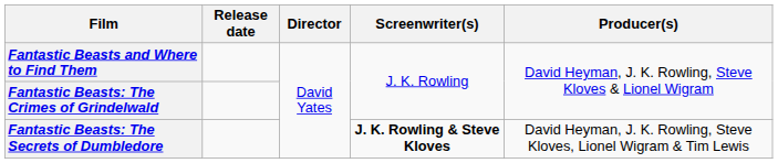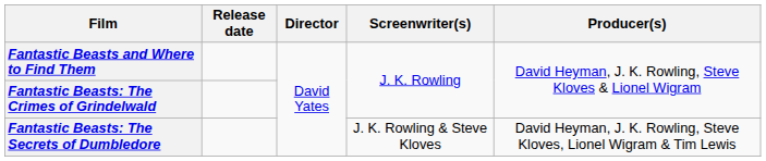 <table class="wikitable plainrowheaders" style="text-align:center">
 <tr>
 <th scope="col">Film</th>
 <th scope="col">Release date</th>
 <th scope="col">Director</th>
 <th scope="col">Screenwriter(s)</th>
 <th scope="col">Producer(s)</th>
 </tr>
 <tr>
 <th scope="row" style="text-align:left"><em><a href='#'>Fantastic Beasts and Where to Find Them</a></em></th>
 <td style="text-align:left"></td>
 <td rowspan="3"><a href='#'>David Yates</a></td>
 <td rowspan="2"><a href='#'>J. K. Rowling</a></td>
 <td rowspan="2"><a href='#'>David Heyman</a>, J. K. Rowling, <a href='#'>Steve Kloves</a> & <a href='#'>Lionel Wigram</a></td>
 </tr>
 <tr>
 <th scope="row" style="text-align:left"><em><a href='#'>Fantastic Beasts: The Crimes of Grindelwald</a></em></th>
 <td style="text-align:left"></td>
 </tr>
 <tr>
 <th scope="row" style="text-align:left"><em><a href='#'>Fantastic Beasts: The Secrets of Dumbledore</a></em></th>
 <td style="text-align:left"></td>
-<td><strong>J. K. Rowling & Steve Kloves</strong></td>
+<td>J. K. Rowling & Steve Kloves</td>
 <td>David Heyman, J. K. Rowling, Steve Kloves, Lionel Wigram & Tim Lewis</td>
 </tr>
 </table>
